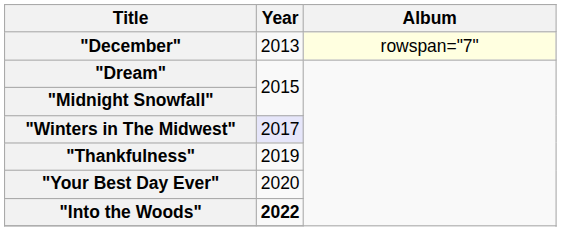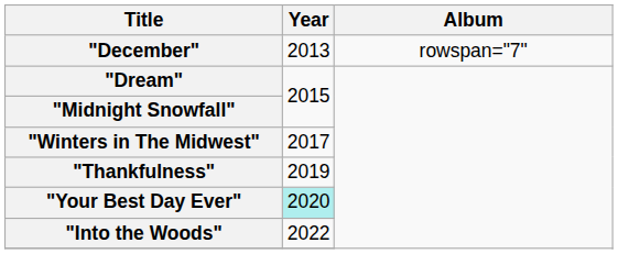 <table class="wikitable plainrowheaders" style="text-align:center;">
 <tr>
 <th scope="col" style="width:14em;">Title</th>
 <th scope="col">Year</th>
 <th scope="col" style="width:14em;">Album</th>
 </tr>
 <tr>
 <th scope="row">"December"</th>
 <td>2013</td>
-<td style="background: lightyellow;">rowspan="7" </td>
+<td>rowspan="7" </td>
 </tr>
 <tr>
 <th scope="row">"Dream"</th>
 <td rowspan="2">2015</td>
 </tr>
 <tr>
 <th scope="row">"Midnight Snowfall"</th>
 </tr>
 <tr>
 <th scope="row">"Winters in The Midwest"</th>
-<td style="background: lavender;">2017</td>
+<td>2017</td>
 </tr>
 <tr>
 <th scope="row">"Thankfulness"</th>
 <td>2019</td>
 </tr>
 <tr>
 <th scope="row">"Your Best Day Ever"</th>
-<td>2020</td>
+<td style="background: paleturquoise;">2020</td>
 </tr>
 <tr>
 <th scope="row">"Into the Woods"</th>
-<td><strong>2022</strong></td>
+<td>2022</td>
 </tr>
 <tr>
 </tr>
 </table>
